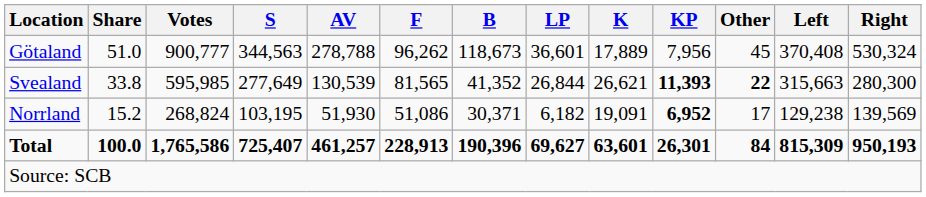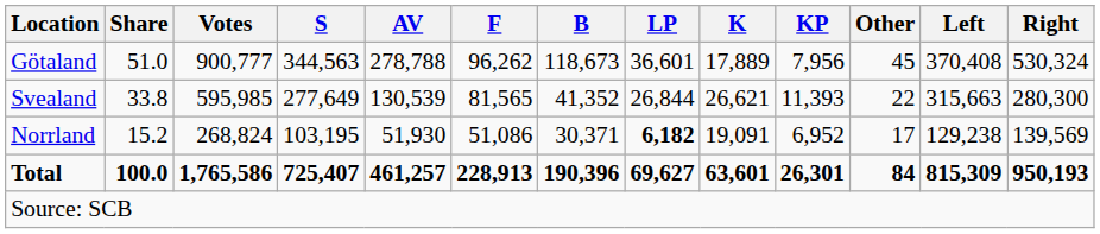 <table class="wikitable sortable" style=text-align:right>
 <tr>
 <th>Location</th>
 <th>Share</th>
 <th>Votes</th>
 <th><a href='#'>S</a></th>
 <th><a href='#'>AV</a></th>
 <th><a href='#'>F</a></th>
 <th><a href='#'>B</a></th>
 <th><a href='#'>LP</a></th>
 <th><a href='#'>K</a></th>
 <th><a href='#'>KP</a></th>
 <th>Other</th>
 <th>Left</th>
 <th>Right</th>
 </tr>
 <tr>
 <td align=left><a href='#'>Götaland</a></td>
 <td>51.0</td>
 <td>900,777</td>
 <td>344,563</td>
 <td>278,788</td>
 <td>96,262</td>
 <td>118,673</td>
 <td>36,601</td>
 <td>17,889</td>
 <td>7,956</td>
 <td>45</td>
 <td>370,408</td>
 <td>530,324</td>
 </tr>
 <tr>
 <td align=left><a href='#'>Svealand</a></td>
 <td>33.8</td>
 <td>595,985</td>
 <td>277,649</td>
 <td>130,539</td>
 <td>81,565</td>
 <td>41,352</td>
 <td>26,844</td>
 <td>26,621</td>
-<td><strong>11,393</strong></td>
-<td><strong>22</strong></td>
+<td>11,393</td>
+<td>22</td>
 <td>315,663</td>
 <td>280,300</td>
 </tr>
 <tr>
 <td align=left><a href='#'>Norrland</a></td>
 <td>15.2</td>
 <td>268,824</td>
 <td>103,195</td>
 <td>51,930</td>
 <td>51,086</td>
 <td>30,371</td>
-<td>6,182</td>
+<td><strong>6,182</strong></td>
 <td>19,091</td>
-<td><strong>6,952</strong></td>
+<td>6,952</td>
 <td>17</td>
 <td>129,238</td>
 <td>139,569</td>
 </tr>
 <tr>
 <td align=left><strong>Total</strong></td>
 <td><strong>100.0</strong></td>
 <td><strong>1,765,586</strong></td>
 <td><strong>725,407</strong></td>
 <td><strong>461,257</strong></td>
 <td><strong>228,913</strong></td>
 <td><strong>190,396</strong></td>
 <td><strong>69,627</strong></td>
 <td><strong>63,601</strong></td>
 <td><strong>26,301</strong></td>
 <td><strong>84</strong></td>
 <td><strong>815,309</strong></td>
 <td><strong>950,193</strong></td>
 </tr>
 <tr>
 <td align=left colspan=13>Source: SCB </td>
 </tr>
 </table>
